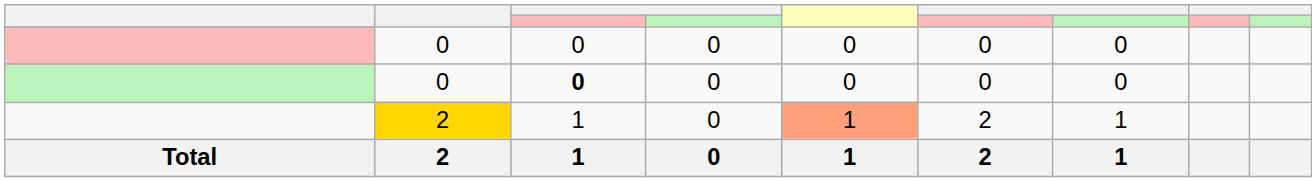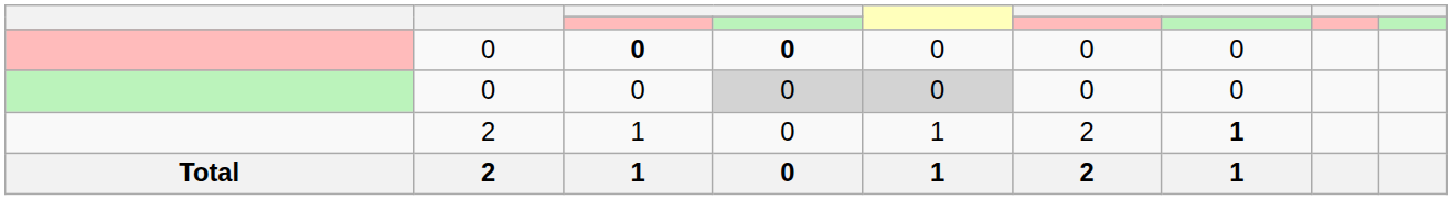 <table class="wikitable sortable" style="text-align:center; width:100%;">
 <tr>
 <th rowspan="2"></th>
 <th rowspan="2"></th>
 <th colspan="2"></th>
 <th rowspan="2" style="background-color:#FFFFBB;"></th>
 <th colspan="2"></th>
 <th colspan="2"></th>
 </tr>
 <tr>
 <th style="background-color:#FFBBBB;"></th>
 <th style="background-color:#BBF3BB;"></th>
 <th style="background-color:#FFBBBB;"></th>
 <th style="background-color:#BBF3BB;"></th>
 <th style="background-color:#FFBBBB;"></th>
 <th style="background-color:#BBF3BB;"></th>
 </tr>
 <tr>
 <th style="background-color:#FFBBBB;"></th>
 <td>0</td>
-<td>0</td>
-<td>0</td>
+<td><strong>0</strong></td>
+<td><strong>0</strong></td>
 <td>0</td>
 <td>0</td>
 <td>0</td>
 <td></td>
 <td></td>
 </tr>
 <tr>
 <th style="background-color:#BBF3BB;"></th>
 <td>0</td>
-<td><strong>0</strong></td>
 <td>0</td>
-<td>0</td>
+<td style="background: lightgrey;">0</td>
+<td style="background: lightgrey;">0</td>
 <td>0</td>
 <td>0</td>
 <td></td>
 <td></td>
 </tr>
 <tr>
 <td></td>
-<td style="background: gold;">2</td>
+<td>2</td>
 <td>1</td>
 <td>0</td>
-<td style="background: lightsalmon;">1</td>
+<td>1</td>
 <td>2</td>
-<td>1</td>
+<td><strong>1</strong></td>
 <td></td>
 <td></td>
 </tr>
 <tr>
 <th>Total</th>
 <th>2</th>
 <th>1</th>
 <th>0</th>
 <th>1</th>
 <th>2</th>
 <th>1</th>
 <th></th>
 <th></th>
 </tr>
 </table>
